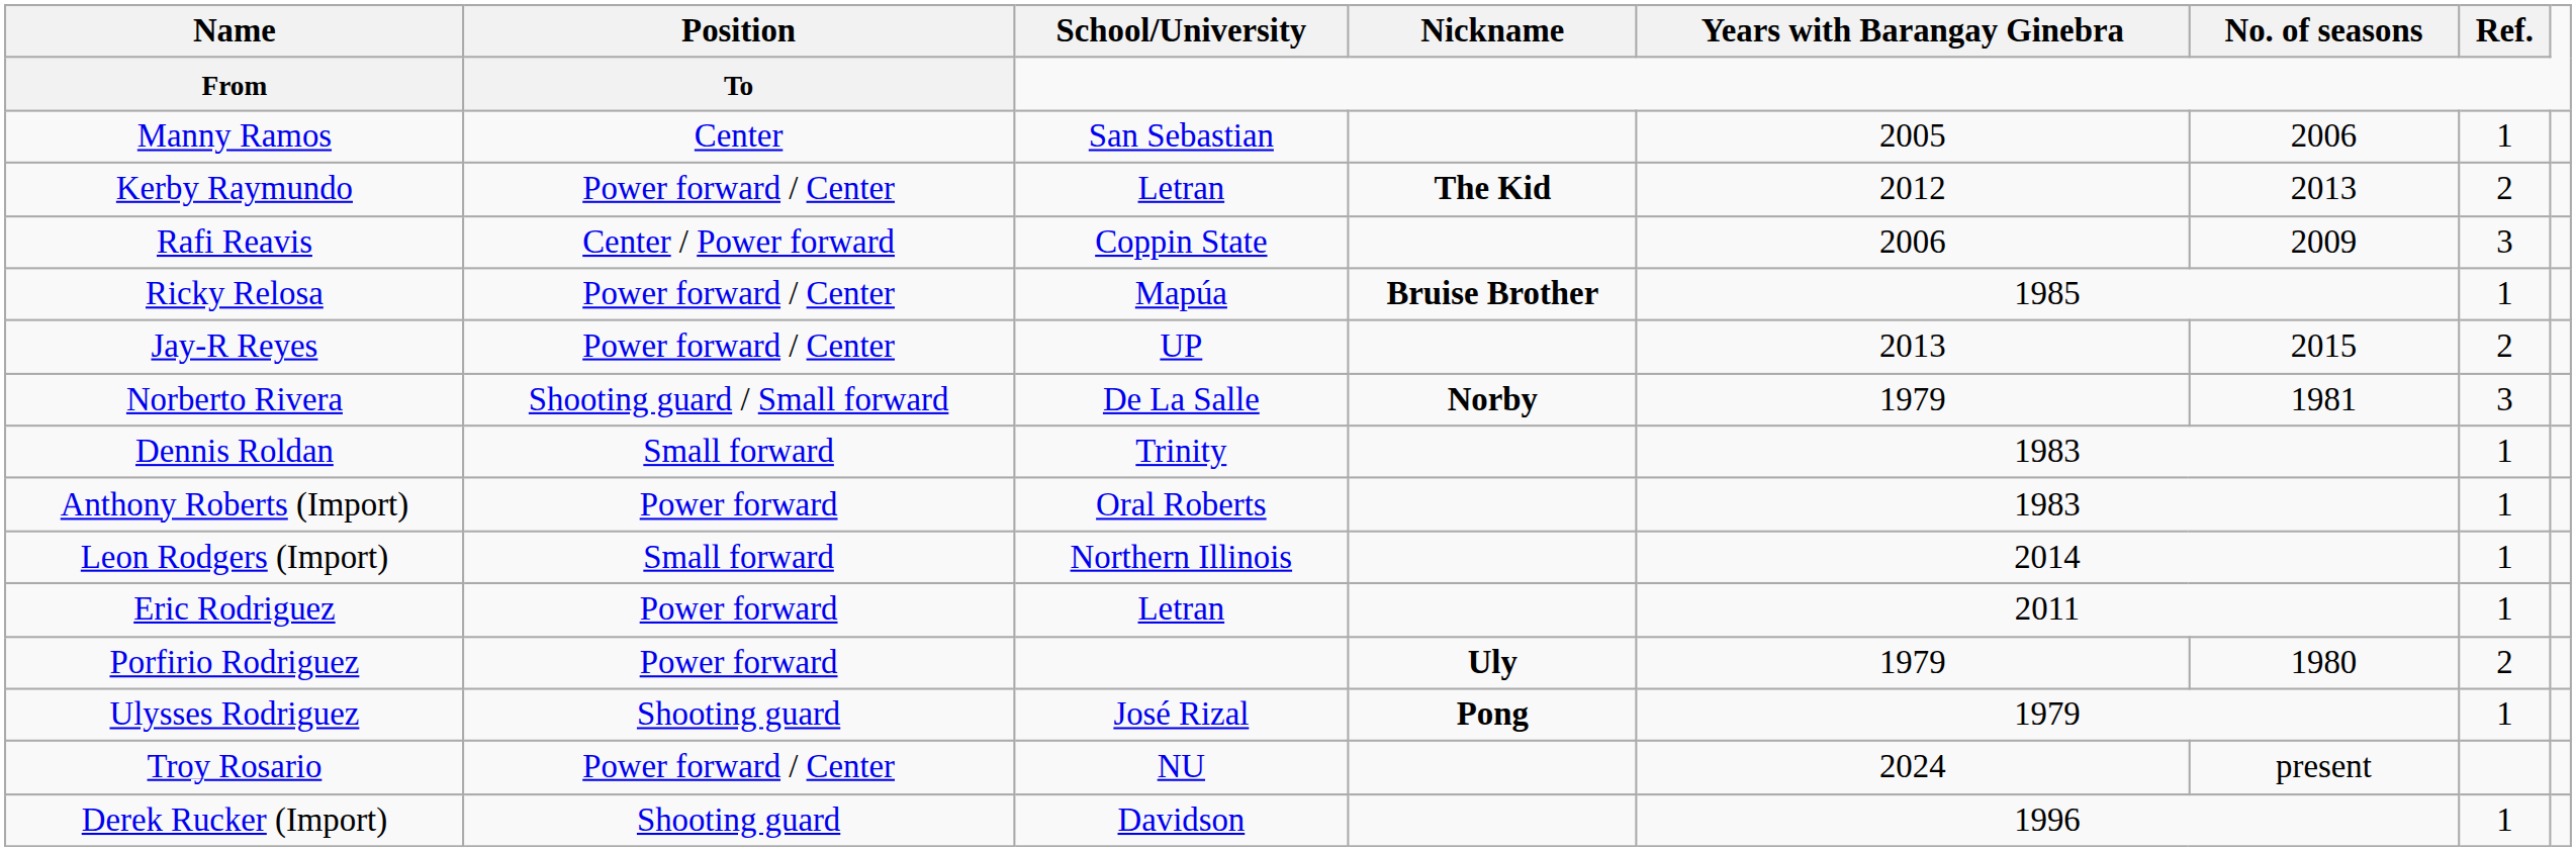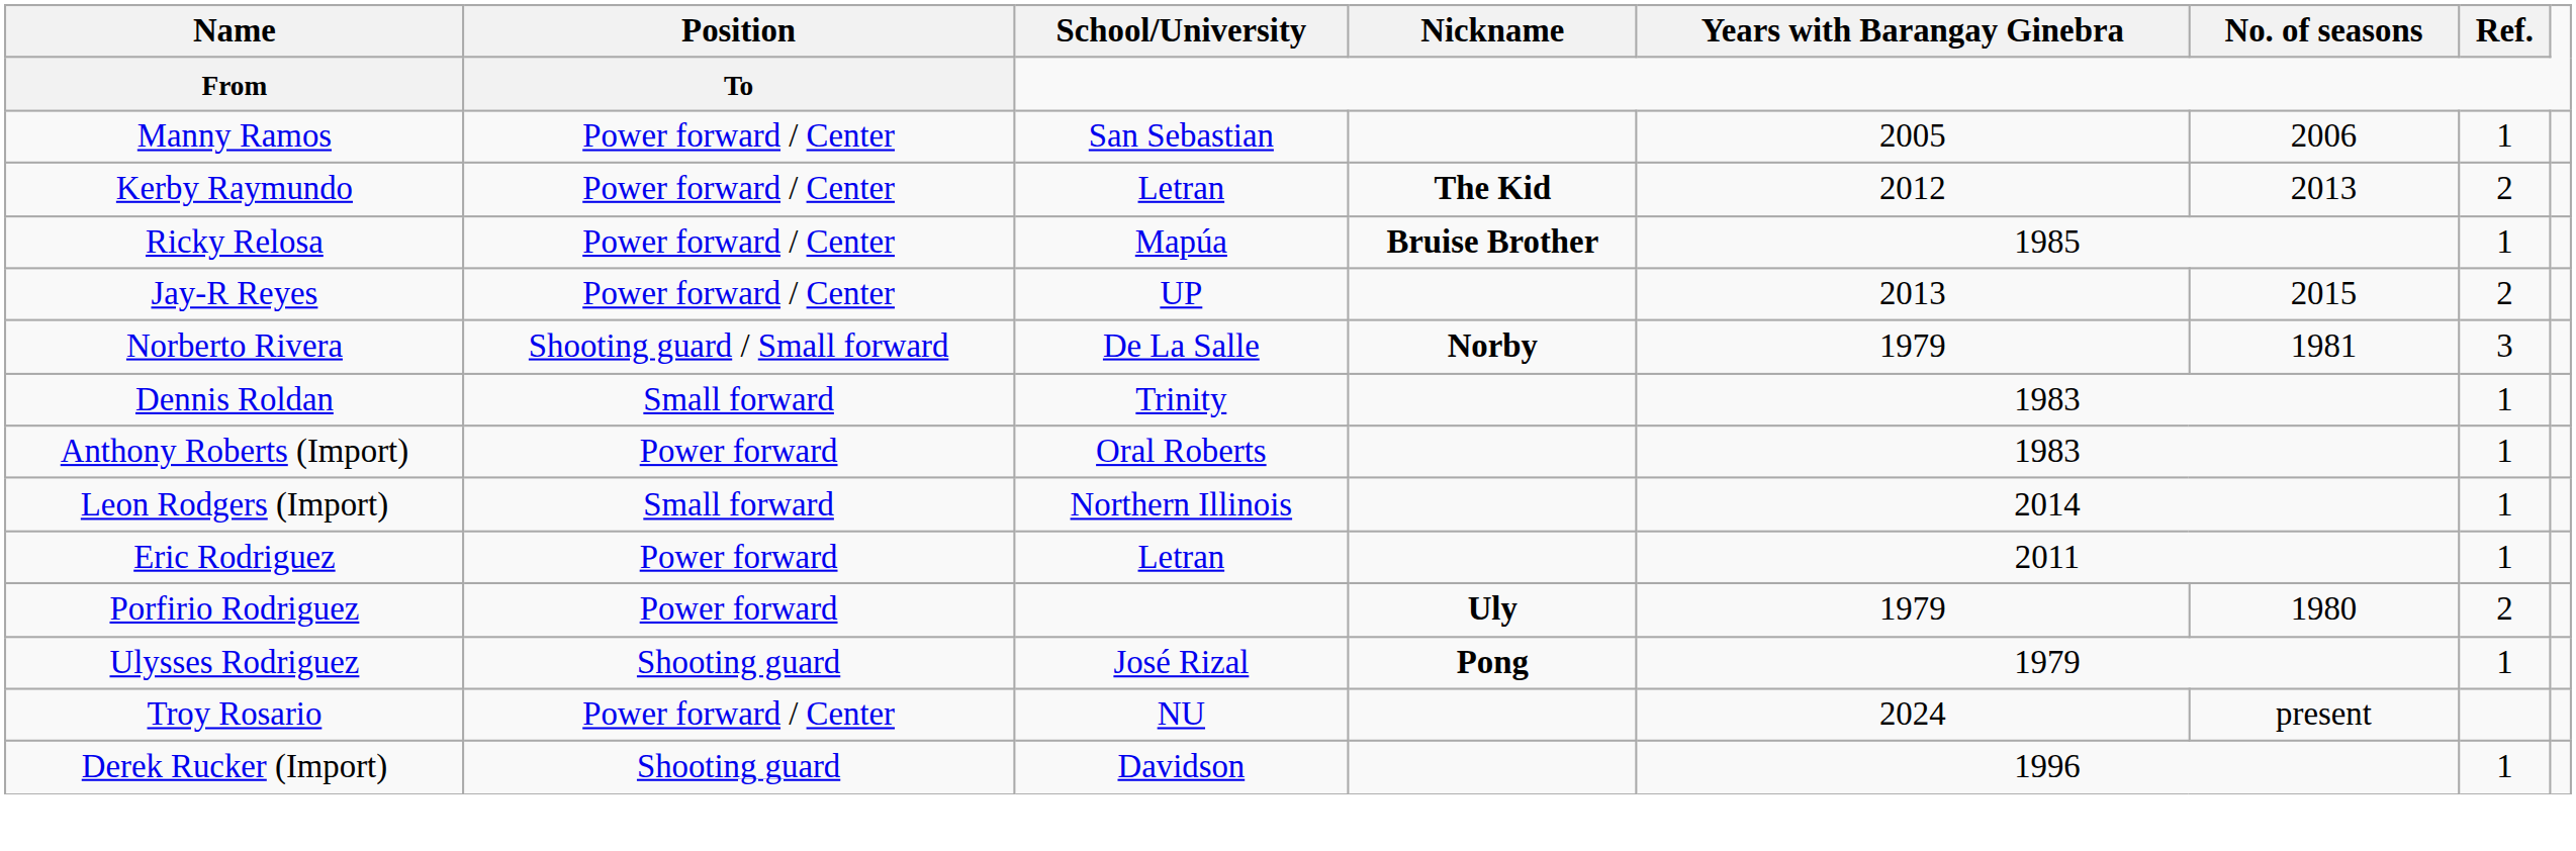 <table class="wikitable sortable" style="text-align:center" width="98%">
 <tr>
 <th>Name</th>
 <th>Position</th>
 <th>School/University</th>
 <th>Nickname</th>
 <th>Years with Barangay Ginebra</th>
 <th>No. of seasons</th>
 <th>Ref.</th>
 </tr>
 <tr>
 <th><small>From</small></th>
 <th><small>To</small></th>
 </tr>
 <tr>
 <td><a href='#'>Manny Ramos</a></td>
-<td><a href='#'>Center</a></td>
+<td><a href='#'>Power forward</a> / <a href='#'>Center</a></td>
 <td><a href='#'>San Sebastian</a></td>
 <td></td>
 <td>2005</td>
 <td>2006</td>
 <td>1</td>
 <td></td>
 </tr>
 <tr>
 <td><a href='#'>Kerby Raymundo</a></td>
 <td><a href='#'>Power forward</a> / <a href='#'>Center</a></td>
 <td><a href='#'>Letran</a></td>
 <td><strong>The Kid</strong></td>
 <td>2012</td>
 <td>2013</td>
 <td>2</td>
-<td></td>
-</tr>
-<tr>
-<td><a href='#'>Rafi Reavis</a></td>
-<td><a href='#'>Center</a> / <a href='#'>Power forward</a></td>
-<td><a href='#'>Coppin State</a></td>
-<td></td>
-<td>2006</td>
-<td>2009</td>
-<td>3</td>
 <td></td>
 </tr>
 <tr>
 <td><a href='#'>Ricky Relosa</a></td>
 <td><a href='#'>Power forward</a> / <a href='#'>Center</a></td>
 <td><a href='#'>Mapúa</a></td>
 <td><strong>Bruise Brother</strong></td>
 <td colspan="2">1985</td>
 <td>1</td>
 <td></td>
 </tr>
 <tr>
 <td><a href='#'>Jay-R Reyes</a></td>
 <td><a href='#'>Power forward</a> / <a href='#'>Center</a></td>
 <td><a href='#'>UP</a></td>
 <td></td>
 <td>2013</td>
 <td>2015</td>
 <td>2</td>
 <td></td>
 </tr>
 <tr>
 <td><a href='#'>Norberto Rivera</a></td>
 <td><a href='#'>Shooting guard</a> / <a href='#'>Small forward</a></td>
 <td><a href='#'>De La Salle</a></td>
 <td><strong>Norby</strong></td>
 <td>1979</td>
 <td>1981</td>
 <td>3</td>
 <td></td>
 </tr>
 <tr>
 <td><a href='#'>Dennis Roldan</a></td>
 <td><a href='#'>Small forward</a></td>
 <td><a href='#'>Trinity</a></td>
 <td></td>
 <td colspan="2">1983</td>
 <td>1</td>
 <td></td>
 </tr>
 <tr>
 <td><a href='#'>Anthony Roberts</a> (Import)</td>
 <td><a href='#'>Power forward</a></td>
 <td><a href='#'>Oral Roberts</a></td>
 <td></td>
 <td colspan="2">1983</td>
 <td>1</td>
 <td></td>
 </tr>
 <tr>
 <td><a href='#'>Leon Rodgers</a> (Import)</td>
 <td><a href='#'>Small forward</a></td>
 <td><a href='#'>Northern Illinois</a></td>
 <td></td>
 <td colspan="2">2014</td>
 <td>1</td>
 <td></td>
 </tr>
 <tr>
 <td><a href='#'>Eric Rodriguez</a></td>
 <td><a href='#'>Power forward</a></td>
 <td><a href='#'>Letran</a></td>
 <td></td>
 <td colspan="2">2011</td>
 <td>1</td>
 <td></td>
 </tr>
 <tr>
 <td><a href='#'>Porfirio Rodriguez</a></td>
 <td><a href='#'>Power forward</a></td>
 <td></td>
 <td><strong>Uly</strong></td>
 <td>1979</td>
 <td>1980</td>
 <td>2</td>
 <td></td>
 </tr>
 <tr>
 <td><a href='#'>Ulysses Rodriguez</a></td>
 <td><a href='#'>Shooting guard</a></td>
 <td><a href='#'>José Rizal</a></td>
 <td><strong>Pong</strong></td>
 <td colspan="2">1979</td>
 <td>1</td>
 <td></td>
 </tr>
 <tr>
 <td><a href='#'>Troy Rosario</a></td>
 <td><a href='#'>Power forward</a> / <a href='#'>Center</a></td>
 <td><a href='#'>NU</a></td>
 <td></td>
 <td>2024</td>
 <td>present</td>
 <td></td>
 </tr>
 <tr>
 <td><a href='#'>Derek Rucker</a> (Import)</td>
 <td><a href='#'>Shooting guard</a></td>
 <td><a href='#'>Davidson</a></td>
 <td></td>
 <td colspan="2">1996</td>
 <td>1</td>
 <td></td>
 </tr>
 </table>
